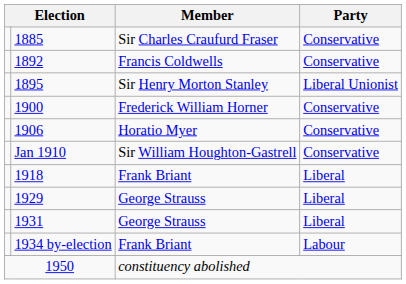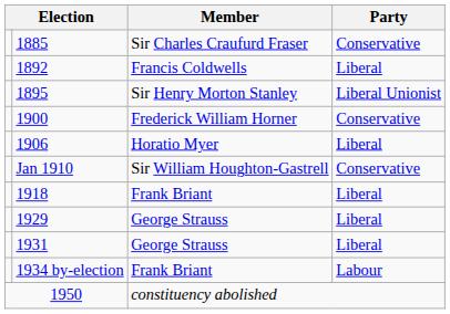 <table class="wikitable">
 <tr>
 <th colspan="2">Election</th>
 <th>Member</th>
 <th>Party</th>
 </tr>
 <tr>
 <td style="color:inherit;background-color: "></td>
 <td><a href='#'>1885</a></td>
 <td>Sir <a href='#'>Charles Craufurd Fraser</a></td>
 <td><a href='#'>Conservative</a></td>
 </tr>
 <tr>
 <td style="color:inherit;background-color: "></td>
 <td><a href='#'>1892</a></td>
 <td><a href='#'>Francis Coldwells</a></td>
-<td><a href='#'>Conservative</a></td>
+<td><a href='#'>Liberal</a></td>
 </tr>
 <tr>
 <td style="color:inherit;background-color: "></td>
 <td><a href='#'>1895</a></td>
 <td>Sir <a href='#'>Henry Morton Stanley</a></td>
 <td><a href='#'>Liberal Unionist</a></td>
 </tr>
 <tr>
 <td style="color:inherit;background-color: "></td>
 <td><a href='#'>1900</a></td>
 <td><a href='#'>Frederick William Horner</a></td>
 <td><a href='#'>Conservative</a></td>
 </tr>
 <tr>
 <td style="color:inherit;background-color: "></td>
 <td><a href='#'>1906</a></td>
 <td><a href='#'>Horatio Myer</a></td>
-<td><a href='#'>Conservative</a></td>
+<td><a href='#'>Liberal</a></td>
 </tr>
 <tr>
 <td style="color:inherit;background-color: "></td>
 <td><a href='#'>Jan 1910</a></td>
 <td>Sir <a href='#'>William Houghton-Gastrell</a></td>
 <td><a href='#'>Conservative</a></td>
 </tr>
 <tr>
 <td style="color:inherit;background-color: "></td>
 <td><a href='#'>1918</a></td>
 <td><a href='#'>Frank Briant</a></td>
 <td><a href='#'>Liberal</a></td>
 </tr>
 <tr>
 <td style="color:inherit;background-color: "></td>
 <td><a href='#'>1929</a></td>
 <td><a href='#'>George Strauss</a></td>
 <td><a href='#'>Liberal</a></td>
 </tr>
 <tr>
 <td style="color:inherit;background-color: "></td>
 <td><a href='#'>1931</a></td>
 <td><a href='#'>George Strauss</a></td>
 <td><a href='#'>Liberal</a></td>
 </tr>
 <tr>
 <td style="color:inherit;background-color: "></td>
 <td><a href='#'>1934 by-election</a></td>
 <td><a href='#'>Frank Briant</a></td>
 <td><a href='#'>Labour</a></td>
 </tr>
 <tr>
 <td colspan="2" align="center"><a href='#'>1950</a></td>
 <td colspan="2"><em>constituency abolished</em></td>
 </tr>
 </table>
